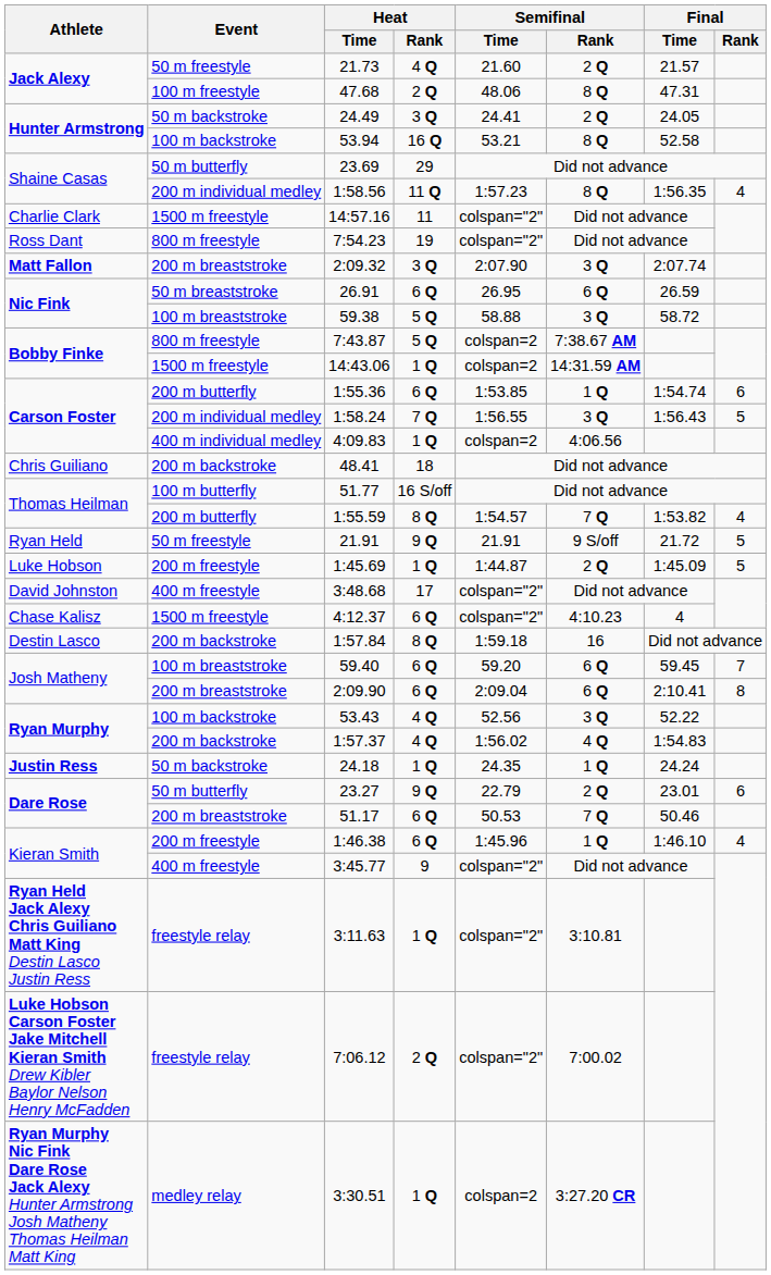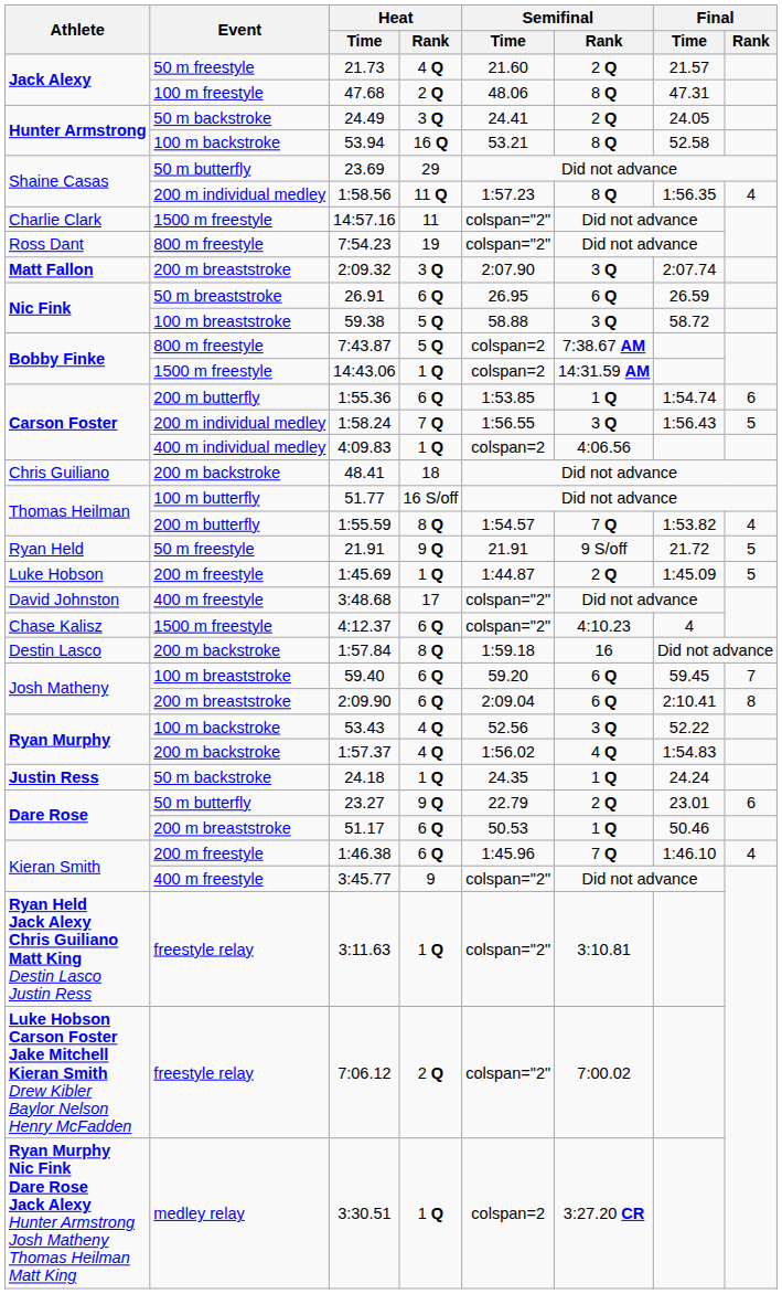 <table class="wikitable" style="text-align:center; font-size:90%">
 <tr>
 <th rowspan="2">Athlete</th>
 <th rowspan="2">Event</th>
 <th colspan="2">Heat</th>
 <th colspan="2">Semifinal</th>
 <th colspan="2">Final</th>
 </tr>
 <tr style="font-size:95%">
 <th>Time</th>
 <th>Rank</th>
 <th>Time</th>
 <th>Rank</th>
 <th>Time</th>
 <th>Rank</th>
 </tr>
 <tr>
 <td align=left rowspan=2><strong><a href='#'>Jack Alexy</a></strong></td>
 <td align=left><a href='#'>50 m freestyle</a></td>
 <td>21.73</td>
 <td>4 <strong>Q</strong></td>
 <td>21.60</td>
 <td>2 <strong>Q</strong></td>
 <td>21.57</td>
 <td></td>
 </tr>
 <tr>
 <td align=left><a href='#'>100 m freestyle</a></td>
 <td>47.68</td>
 <td>2 <strong>Q</strong></td>
 <td>48.06</td>
 <td>8 <strong>Q</strong></td>
 <td>47.31</td>
 <td></td>
 </tr>
 <tr>
 <td align=left rowspan=2><strong><a href='#'>Hunter Armstrong</a></strong></td>
 <td align=left><a href='#'>50 m backstroke</a></td>
 <td>24.49</td>
 <td>3 <strong>Q</strong></td>
 <td>24.41</td>
 <td>2 <strong>Q</strong></td>
 <td>24.05</td>
 <td></td>
 </tr>
 <tr>
 <td align=left><a href='#'>100 m backstroke</a></td>
 <td>53.94</td>
 <td>16 <strong>Q</strong></td>
 <td>53.21</td>
 <td>8 <strong>Q</strong></td>
 <td>52.58</td>
 <td></td>
 </tr>
 <tr>
 <td align=left rowspan=2><a href='#'>Shaine Casas</a></td>
 <td align=left><a href='#'>50 m butterfly</a></td>
 <td>23.69</td>
 <td>29</td>
 <td colspan=4>Did not advance</td>
 </tr>
 <tr>
 <td align=left><a href='#'>200 m individual medley</a></td>
 <td>1:58.56</td>
 <td>11 <strong>Q</strong></td>
 <td>1:57.23</td>
 <td>8 <strong>Q</strong></td>
 <td>1:56.35</td>
 <td>4</td>
 </tr>
 <tr>
 <td align=left><a href='#'>Charlie Clark</a></td>
 <td align=left><a href='#'>1500 m freestyle</a></td>
 <td>14:57.16</td>
 <td>11</td>
 <td>colspan="2" </td>
 <td colspan=2>Did not advance</td>
 </tr>
 <tr>
 <td align=left><a href='#'>Ross Dant</a></td>
 <td align=left><a href='#'>800 m freestyle</a></td>
 <td>7:54.23</td>
 <td>19</td>
 <td>colspan="2" </td>
 <td colspan="2">Did not advance</td>
 </tr>
 <tr>
 <td align=left><strong><a href='#'>Matt Fallon</a></strong></td>
 <td align=left><a href='#'>200 m breaststroke</a></td>
 <td>2:09.32</td>
 <td>3 <strong>Q</strong></td>
 <td>2:07.90</td>
 <td>3 <strong>Q</strong></td>
 <td>2:07.74</td>
 <td></td>
 </tr>
 <tr>
 <td align=left rowspan=2><strong><a href='#'>Nic Fink</a></strong></td>
 <td align=left><a href='#'>50 m breaststroke</a></td>
 <td>26.91</td>
 <td>6 <strong>Q</strong></td>
 <td>26.95</td>
 <td>6 <strong>Q</strong></td>
 <td>26.59</td>
 <td></td>
 </tr>
 <tr>
 <td align=left><a href='#'>100 m breaststroke</a></td>
 <td>59.38</td>
 <td>5 <strong>Q</strong></td>
 <td>58.88</td>
 <td>3 <strong>Q</strong></td>
 <td>58.72</td>
 <td></td>
 </tr>
 <tr>
 <td align=left rowspan=2><strong><a href='#'>Bobby Finke</a></strong></td>
 <td align=left><a href='#'>800 m freestyle</a></td>
 <td>7:43.87</td>
 <td>5 <strong>Q</strong></td>
 <td>colspan=2 </td>
 <td>7:38.67 <strong><a href='#'>AM</a></strong></td>
 <td></td>
 </tr>
 <tr>
 <td align=left><a href='#'>1500 m freestyle</a></td>
 <td>14:43.06</td>
 <td>1 <strong>Q</strong></td>
 <td>colspan=2 </td>
 <td>14:31.59 <strong><a href='#'>AM</a></strong></td>
 <td></td>
 </tr>
 <tr>
 <td align=left rowspan=3><strong><a href='#'>Carson Foster</a></strong></td>
 <td align=left><a href='#'>200 m butterfly</a></td>
 <td>1:55.36</td>
 <td>6 <strong>Q</strong></td>
 <td>1:53.85</td>
 <td>1 <strong>Q</strong></td>
 <td>1:54.74</td>
 <td>6</td>
 </tr>
 <tr>
 <td align=left><a href='#'>200 m individual medley</a></td>
 <td>1:58.24</td>
 <td>7 <strong>Q</strong></td>
 <td>1:56.55</td>
 <td>3 <strong>Q</strong></td>
 <td>1:56.43</td>
 <td>5</td>
 </tr>
 <tr>
 <td align=left><a href='#'>400 m individual medley</a></td>
 <td>4:09.83</td>
 <td>1 <strong>Q</strong></td>
 <td>colspan=2 </td>
 <td>4:06.56</td>
 <td></td>
 </tr>
 <tr>
 <td align=left><a href='#'>Chris Guiliano</a></td>
 <td align=left><a href='#'>200 m backstroke</a></td>
 <td>48.41</td>
 <td>18</td>
 <td colspan=4>Did not advance</td>
 </tr>
 <tr>
 <td align=left rowspan=2><a href='#'>Thomas Heilman</a></td>
 <td align=left><a href='#'>100 m butterfly</a></td>
 <td>51.77</td>
 <td>16 S/off</td>
 <td colspan=4>Did not advance</td>
 </tr>
 <tr>
 <td align=left><a href='#'>200 m butterfly</a></td>
 <td>1:55.59</td>
 <td>8 <strong>Q</strong></td>
 <td>1:54.57</td>
 <td>7 <strong>Q</strong></td>
 <td>1:53.82</td>
 <td>4</td>
 </tr>
 <tr>
 <td align=left><a href='#'>Ryan Held</a></td>
 <td align=left><a href='#'>50 m freestyle</a></td>
 <td>21.91</td>
 <td>9 <strong>Q</strong></td>
 <td>21.91</td>
 <td>9 S/off</td>
 <td>21.72</td>
 <td>5</td>
 </tr>
 <tr>
 <td align=left><a href='#'>Luke Hobson</a></td>
 <td align=left><a href='#'>200 m freestyle</a></td>
 <td>1:45.69</td>
 <td>1 <strong>Q</strong></td>
 <td>1:44.87</td>
 <td>2 <strong>Q</strong></td>
 <td>1:45.09</td>
 <td>5</td>
 </tr>
 <tr>
 <td align=left><a href='#'>David Johnston</a></td>
 <td align=left><a href='#'>400 m freestyle</a></td>
 <td>3:48.68</td>
 <td>17</td>
 <td>colspan="2" </td>
 <td colspan="2">Did not advance</td>
 </tr>
 <tr>
 <td align=left><a href='#'>Chase Kalisz</a></td>
 <td align=left><a href='#'>1500 m freestyle</a></td>
 <td>4:12.37</td>
 <td>6 <strong>Q</strong></td>
 <td>colspan="2" </td>
 <td>4:10.23</td>
 <td>4</td>
 </tr>
 <tr>
 <td align=left><a href='#'>Destin Lasco</a></td>
 <td align=left><a href='#'>200 m backstroke</a></td>
 <td>1:57.84</td>
 <td>8 <strong>Q</strong></td>
 <td>1:59.18</td>
 <td>16</td>
 <td colspan=2>Did not advance</td>
 </tr>
 <tr>
 <td align=left rowspan=2><a href='#'>Josh Matheny</a></td>
 <td align=left><a href='#'>100 m breaststroke</a></td>
 <td>59.40</td>
 <td>6 <strong>Q</strong></td>
 <td>59.20</td>
 <td>6 <strong>Q</strong></td>
 <td>59.45</td>
 <td>7</td>
 </tr>
 <tr>
 <td align=left><a href='#'>200 m breaststroke</a></td>
 <td>2:09.90</td>
 <td>6 <strong>Q</strong></td>
 <td>2:09.04</td>
 <td>6 <strong>Q</strong></td>
 <td>2:10.41</td>
 <td>8</td>
 </tr>
 <tr>
 <td align=left rowspan=2><strong><a href='#'>Ryan Murphy</a></strong></td>
 <td align=left><a href='#'>100 m backstroke</a></td>
 <td>53.43</td>
 <td>4 <strong>Q</strong></td>
 <td>52.56</td>
 <td>3 <strong>Q</strong></td>
 <td>52.22</td>
 <td></td>
 </tr>
 <tr>
 <td align=left><a href='#'>200 m backstroke</a></td>
 <td>1:57.37</td>
 <td>4 <strong>Q</strong></td>
 <td>1:56.02</td>
 <td>4 <strong>Q</strong></td>
 <td>1:54.83</td>
 <td></td>
 </tr>
 <tr>
 <td align=left><strong><a href='#'>Justin Ress</a></strong></td>
 <td align=left><a href='#'>50 m backstroke</a></td>
 <td>24.18</td>
 <td>1 <strong>Q</strong></td>
 <td>24.35</td>
 <td>1 <strong>Q</strong></td>
 <td>24.24</td>
 <td></td>
 </tr>
 <tr>
 <td align=left rowspan=2><strong><a href='#'>Dare Rose</a></strong></td>
 <td align=left><a href='#'>50 m butterfly</a></td>
 <td>23.27</td>
 <td>9 <strong>Q</strong></td>
 <td>22.79</td>
 <td>2 <strong>Q</strong></td>
 <td>23.01</td>
 <td>6</td>
 </tr>
 <tr>
 <td align=left><a href='#'>200 m breaststroke</a></td>
 <td>51.17</td>
 <td>6 <strong>Q</strong></td>
 <td>50.53</td>
-<td>7 <strong>Q</strong></td>
+<td>1 <strong>Q</strong></td>
 <td>50.46</td>
 <td></td>
 </tr>
 <tr>
 <td align=left rowspan=2><a href='#'>Kieran Smith</a></td>
 <td align=left><a href='#'>200 m freestyle</a></td>
 <td>1:46.38</td>
 <td>6 <strong>Q</strong></td>
 <td>1:45.96</td>
-<td>1 <strong>Q</strong></td>
+<td>7 <strong>Q</strong></td>
 <td>1:46.10</td>
 <td>4</td>
 </tr>
 <tr>
 <td align=left><a href='#'>400 m freestyle</a></td>
 <td>3:45.77</td>
 <td>9</td>
 <td>colspan="2" </td>
 <td colspan="2">Did not advance</td>
 </tr>
 <tr>
 <td align=left><strong><a href='#'>Ryan Held</a><br> <a href='#'>Jack Alexy</a><br> <a href='#'>Chris Guiliano</a><br> <a href='#'>Matt King</a></strong><br> <em><a href='#'>Destin Lasco</a></em><br> <em><a href='#'>Justin Ress</a></em></td>
 <td align=left><a href='#'> freestyle relay</a></td>
 <td>3:11.63</td>
 <td>1 <strong>Q</strong></td>
 <td>colspan="2" </td>
 <td>3:10.81</td>
 <td></td>
 </tr>
 <tr>
 <td align=left><strong><a href='#'>Luke Hobson</a> <br> <a href='#'>Carson Foster</a> <br> <a href='#'>Jake Mitchell</a> <br> <a href='#'>Kieran Smith</a></strong> <br><em><a href='#'>Drew Kibler</a> <br><a href='#'>Baylor Nelson</a><br><a href='#'>Henry McFadden</a></em></td>
 <td align=left><a href='#'> freestyle relay</a></td>
 <td>7:06.12</td>
 <td>2 <strong>Q</strong></td>
 <td>colspan="2" </td>
 <td>7:00.02</td>
 <td></td>
 </tr>
 <tr>
 <td align=left><strong><a href='#'>Ryan Murphy</a><br><a href='#'>Nic Fink</a><br><a href='#'>Dare Rose</a><br><a href='#'>Jack Alexy</a></strong> <br><em><a href='#'>Hunter Armstrong</a><br><a href='#'>Josh Matheny</a><br><a href='#'>Thomas Heilman</a><br><a href='#'>Matt King</a></em></td>
 <td align=left><a href='#'> medley relay</a></td>
 <td>3:30.51</td>
 <td>1 <strong>Q</strong></td>
 <td>colspan=2 </td>
 <td>3:27.20 <strong><a href='#'>CR</a></strong></td>
 <td></td>
 </tr>
 </table>
